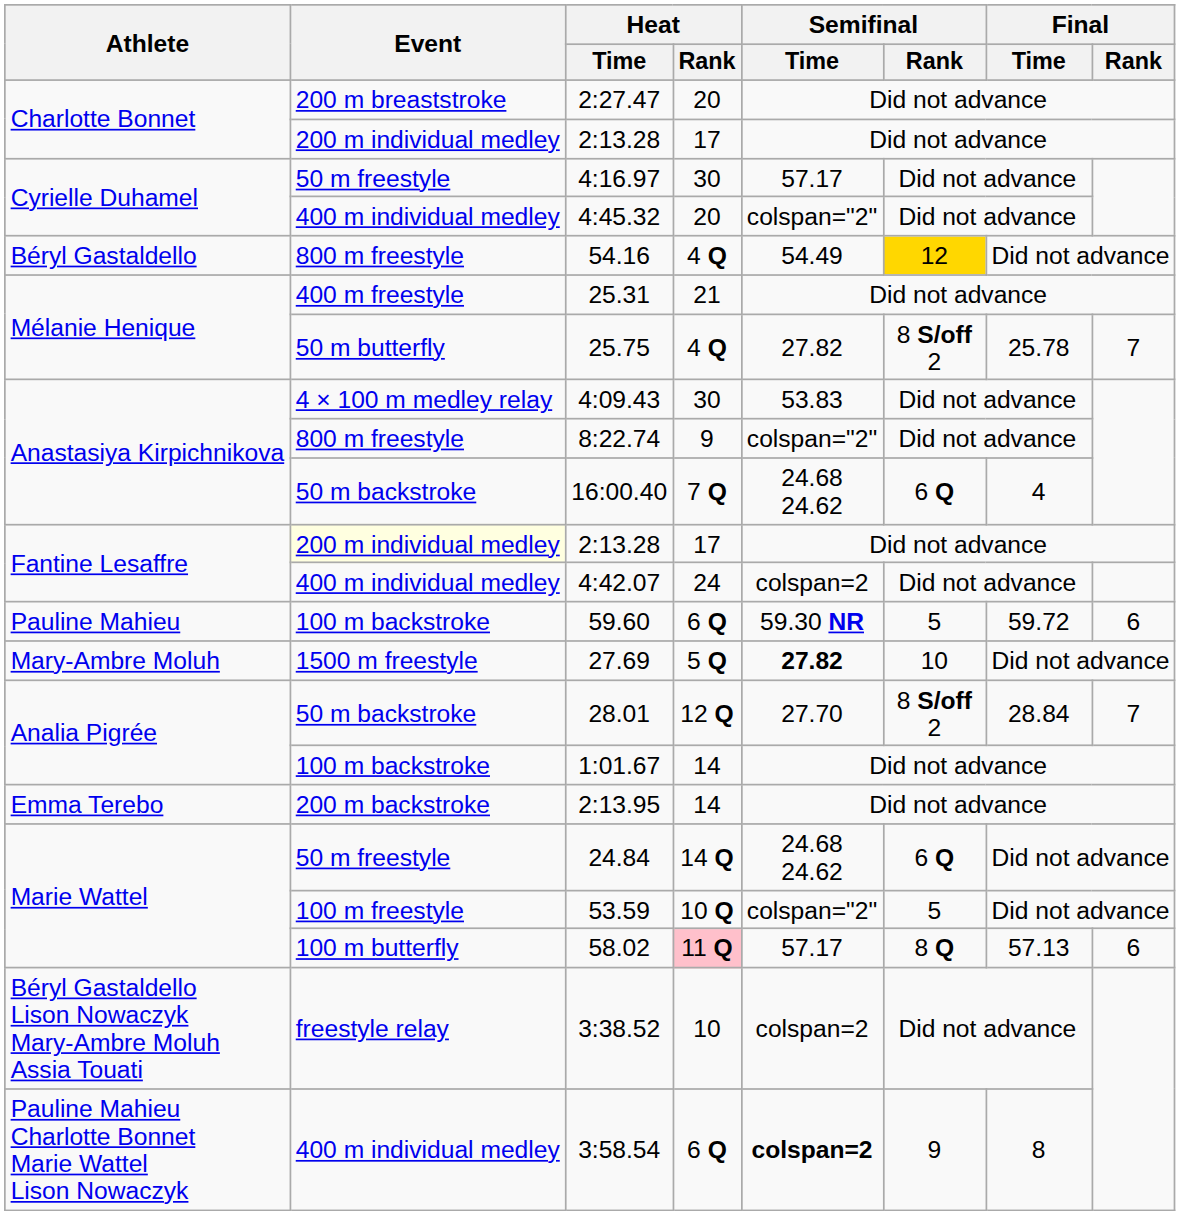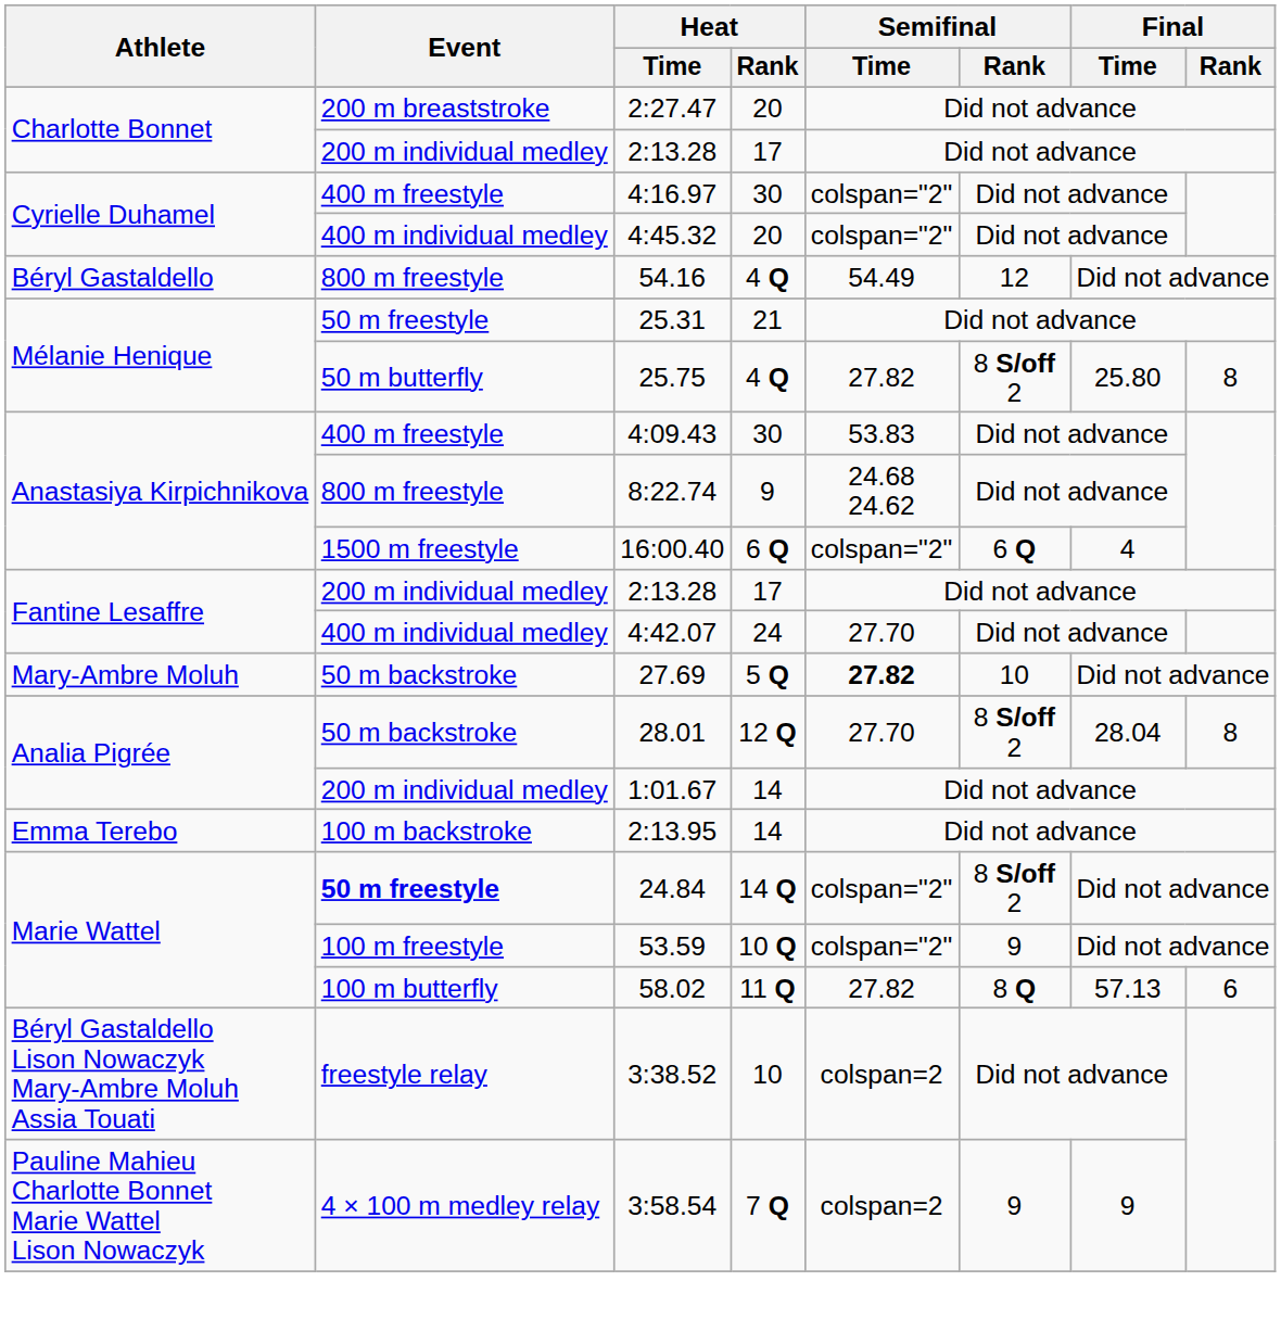 <table class="wikitable" style="text-align:center; font-size:90%;">
 <tr>
 <th rowspan="2">Athlete</th>
 <th rowspan="2">Event</th>
 <th colspan="2">Heat</th>
 <th colspan="2">Semifinal</th>
 <th colspan="2">Final</th>
 </tr>
 <tr style="font-size:95%">
 <th>Time</th>
 <th>Rank</th>
 <th>Time</th>
 <th>Rank</th>
 <th>Time</th>
 <th>Rank</th>
 </tr>
 <tr align=center>
 <td align=left rowspan=2><a href='#'>Charlotte Bonnet</a></td>
 <td align=left><a href='#'>200 m breaststroke</a></td>
 <td>2:27.47</td>
 <td>20</td>
 <td colspan=4>Did not advance</td>
 </tr>
 <tr align=center>
 <td align=left><a href='#'>200 m individual medley</a></td>
 <td>2:13.28</td>
 <td>17</td>
 <td colspan=4>Did not advance</td>
 </tr>
 <tr align=center>
 <td align=left rowspan=2><a href='#'>Cyrielle Duhamel</a></td>
-<td align=left><a href='#'>50 m freestyle</a></td>
+<td align=left><a href='#'>400 m freestyle</a></td>
 <td>4:16.97</td>
 <td>30</td>
-<td>57.17</td>
+<td>colspan="2" </td>
 <td colspan="2">Did not advance</td>
 </tr>
 <tr align=center>
 <td align=left><a href='#'>400 m individual medley</a></td>
 <td>4:45.32</td>
 <td>20</td>
 <td>colspan="2" </td>
 <td colspan="2">Did not advance</td>
 </tr>
 <tr align=center>
 <td align=left><a href='#'>Béryl Gastaldello</a></td>
 <td align=left><a href='#'>800 m freestyle</a></td>
 <td>54.16</td>
 <td>4 <strong>Q</strong></td>
 <td>54.49</td>
-<td style="background: gold;">12</td>
+<td>12</td>
 <td colspan=2>Did not advance</td>
 </tr>
 <tr align=center>
 <td align=left rowspan=2><a href='#'>Mélanie Henique</a></td>
-<td align=left><a href='#'>400 m freestyle</a></td>
+<td align=left><a href='#'>50 m freestyle</a></td>
 <td>25.31</td>
 <td>21</td>
 <td colspan=4>Did not advance</td>
 </tr>
 <tr align=center>
 <td align=left><a href='#'>50 m butterfly</a></td>
 <td>25.75</td>
 <td>4 <strong>Q</strong></td>
 <td>27.82</td>
 <td>8 <strong>S/off</strong><br>2</td>
-<td>25.78</td>
-<td>7</td>
+<td>25.80</td>
+<td>8</td>
 </tr>
 <tr align=center>
 <td align=left rowspan=3><a href='#'>Anastasiya Kirpichnikova</a></td>
-<td align=left><a href='#'>4 × 100 m medley relay</a></td>
+<td align=left><a href='#'>400 m freestyle</a></td>
 <td>4:09.43</td>
 <td>30</td>
 <td>53.83</td>
 <td colspan="2">Did not advance</td>
 </tr>
 <tr align=center>
 <td align=left><a href='#'>800 m freestyle</a></td>
 <td>8:22.74</td>
 <td>9</td>
-<td>colspan="2" </td>
+<td>24.68 <br>24.62</td>
 <td colspan="2">Did not advance</td>
 </tr>
 <tr align=center>
-<td align=left><a href='#'>50 m backstroke</a></td>
+<td align=left><a href='#'>1500 m freestyle</a></td>
 <td>16:00.40</td>
-<td>7 <strong>Q</strong></td>
-<td>24.68 <br>24.62</td>
+<td>6 <strong>Q</strong></td>
+<td>colspan="2" </td>
 <td>6 <strong>Q</strong></td>
 <td>4</td>
 </tr>
 <tr align=center>
 <td align=left rowspan=2><a href='#'>Fantine Lesaffre</a></td>
-<td align=left style="background: lightyellow;"><a href='#'>200 m individual medley</a></td>
+<td align=left><a href='#'>200 m individual medley</a></td>
 <td>2:13.28</td>
 <td>17</td>
 <td colspan=4>Did not advance</td>
 </tr>
 <tr align=center>
 <td align=left><a href='#'>400 m individual medley</a></td>
 <td>4:42.07</td>
 <td>24</td>
-<td>colspan=2 </td>
+<td>27.70</td>
 <td colspan=2>Did not advance</td>
 </tr>
 <tr align=center>
-<td align=left><a href='#'>Pauline Mahieu</a></td>
-<td align=left><a href='#'>100 m backstroke</a></td>
-<td>59.60</td>
-<td>6 <strong>Q</strong></td>
-<td>59.30 <strong><a href='#'>NR</a></strong></td>
-<td>5</td>
-<td>59.72</td>
-<td>6</td>
-</tr>
-<tr align=center>
 <td align=left><a href='#'>Mary-Ambre Moluh</a></td>
-<td align=left><a href='#'>1500 m freestyle</a></td>
+<td align=left><a href='#'>50 m backstroke</a></td>
 <td>27.69</td>
 <td>5 <strong>Q</strong></td>
 <td><strong>27.82</strong></td>
 <td>10</td>
 <td colspan=2>Did not advance</td>
 </tr>
 <tr align=center>
 <td align=left rowspan=2><a href='#'>Analia Pigrée</a></td>
 <td align=left><a href='#'>50 m backstroke</a></td>
 <td>28.01</td>
 <td>12 <strong>Q</strong></td>
 <td>27.70</td>
 <td>8 <strong>S/off</strong><br>2</td>
-<td>28.84</td>
-<td>7</td>
+<td>28.04</td>
+<td>8</td>
 </tr>
 <tr align=center>
-<td align=left><a href='#'>100 m backstroke</a></td>
+<td align=left><a href='#'>200 m individual medley</a></td>
 <td>1:01.67</td>
 <td>14</td>
 <td colspan=4>Did not advance</td>
 </tr>
 <tr align=center>
 <td align=left><a href='#'>Emma Terebo</a></td>
-<td align=left><a href='#'>200 m backstroke</a></td>
+<td align=left><a href='#'>100 m backstroke</a></td>
 <td>2:13.95</td>
 <td>14</td>
 <td colspan=4>Did not advance</td>
 </tr>
 <tr align=center>
 <td align=left rowspan=3><a href='#'>Marie Wattel</a></td>
-<td align=left><a href='#'>50 m freestyle</a></td>
+<td align=left><strong><a href='#'>50 m freestyle</a></strong></td>
 <td>24.84</td>
 <td>14 <strong>Q</strong></td>
-<td>24.68 <br>24.62</td>
-<td>6 <strong>Q</strong></td>
+<td>colspan="2" </td>
+<td>8 <strong>S/off</strong><br>2</td>
 <td colspan=2>Did not advance</td>
 </tr>
 <tr align=center>
 <td align=left><a href='#'>100 m freestyle</a></td>
 <td>53.59</td>
 <td>10 <strong>Q</strong></td>
 <td>colspan="2" </td>
-<td>5</td>
+<td>9</td>
 <td colspan=2>Did not advance</td>
 </tr>
 <tr align=center>
 <td align=left><a href='#'>100 m butterfly</a></td>
 <td>58.02</td>
-<td style="background: pink;">11 <strong>Q</strong></td>
-<td>57.17</td>
+<td>11 <strong>Q</strong></td>
+<td>27.82</td>
 <td>8 <strong>Q</strong></td>
 <td>57.13</td>
 <td>6</td>
 </tr>
 <tr align=center>
 <td align=left><a href='#'>Béryl Gastaldello</a><br> <a href='#'>Lison Nowaczyk</a><br> <a href='#'>Mary-Ambre Moluh</a><br> <a href='#'>Assia Touati</a></td>
 <td align=left><a href='#'> freestyle relay</a></td>
 <td>3:38.52</td>
 <td>10</td>
 <td>colspan=2 </td>
 <td colspan=2>Did not advance</td>
 </tr>
 <tr>
 <td align=left><a href='#'>Pauline Mahieu</a> <br><a href='#'>Charlotte Bonnet</a> <br><a href='#'>Marie Wattel</a><br><a href='#'>Lison Nowaczyk</a></td>
-<td align=left><a href='#'>400 m individual medley</a></td>
+<td align=left><a href='#'>4 × 100 m medley relay</a></td>
 <td>3:58.54</td>
-<td>6 <strong>Q</strong></td>
-<td><strong>colspan=2 </strong></td>
+<td>7 <strong>Q</strong></td>
+<td>colspan=2 </td>
 <td>9</td>
-<td>8</td>
+<td>9</td>
 </tr>
 </table>
